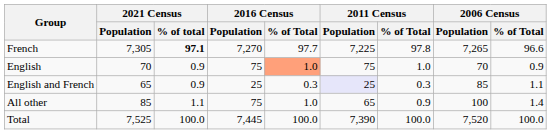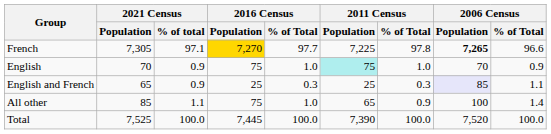 <table class="wikitable" style="text-align:right">
 <tr>
 <th rowspan=2>Group</th>
 <th colspan=2>2021 Census</th>
 <th colspan=2>2016 Census</th>
 <th colspan=2>2011 Census</th>
 <th colspan=2>2006 Census</th>
 </tr>
 <tr>
 <th>Population</th>
 <th>% of total</th>
 <th>Population</th>
 <th>% of Total</th>
 <th>Population</th>
 <th>% of Total</th>
 <th>Population</th>
 <th>% of Total</th>
 </tr>
 <tr>
 <td style="text-align:left">French</td>
 <td>7,305</td>
-<td><strong>97.1</strong></td>
-<td>7,270</td>
+<td>97.1</td>
+<td style="background: gold;">7,270</td>
 <td>97.7</td>
 <td>7,225</td>
 <td>97.8</td>
-<td>7,265</td>
+<td><strong>7,265</strong></td>
 <td>96.6</td>
 </tr>
 <tr>
 <td style="text-align:left">English</td>
 <td>70</td>
 <td>0.9</td>
 <td>75</td>
-<td style="background: lightsalmon;">1.0</td>
-<td>75</td>
+<td>1.0</td>
+<td style="background: paleturquoise;">75</td>
 <td>1.0</td>
 <td>70</td>
 <td>0.9</td>
 </tr>
 <tr>
 <td style="text-align:left">English and French</td>
 <td>65</td>
 <td>0.9</td>
 <td>25</td>
 <td>0.3</td>
-<td style="background: lavender;">25</td>
+<td>25</td>
 <td>0.3</td>
-<td>85</td>
+<td style="background: lavender;">85</td>
 <td>1.1</td>
 </tr>
 <tr>
 <td style="text-align:left">All other</td>
 <td>85</td>
 <td>1.1</td>
 <td>75</td>
 <td>1.0</td>
 <td>65</td>
 <td>0.9</td>
 <td>100</td>
 <td>1.4</td>
 </tr>
 <tr>
 <td style="text-align:left">Total</td>
 <td>7,525</td>
 <td>100.0</td>
 <td>7,445</td>
 <td>100.0</td>
 <td>7,390</td>
 <td>100.0</td>
 <td>7,520</td>
 <td>100.0</td>
 </tr>
 </table>
